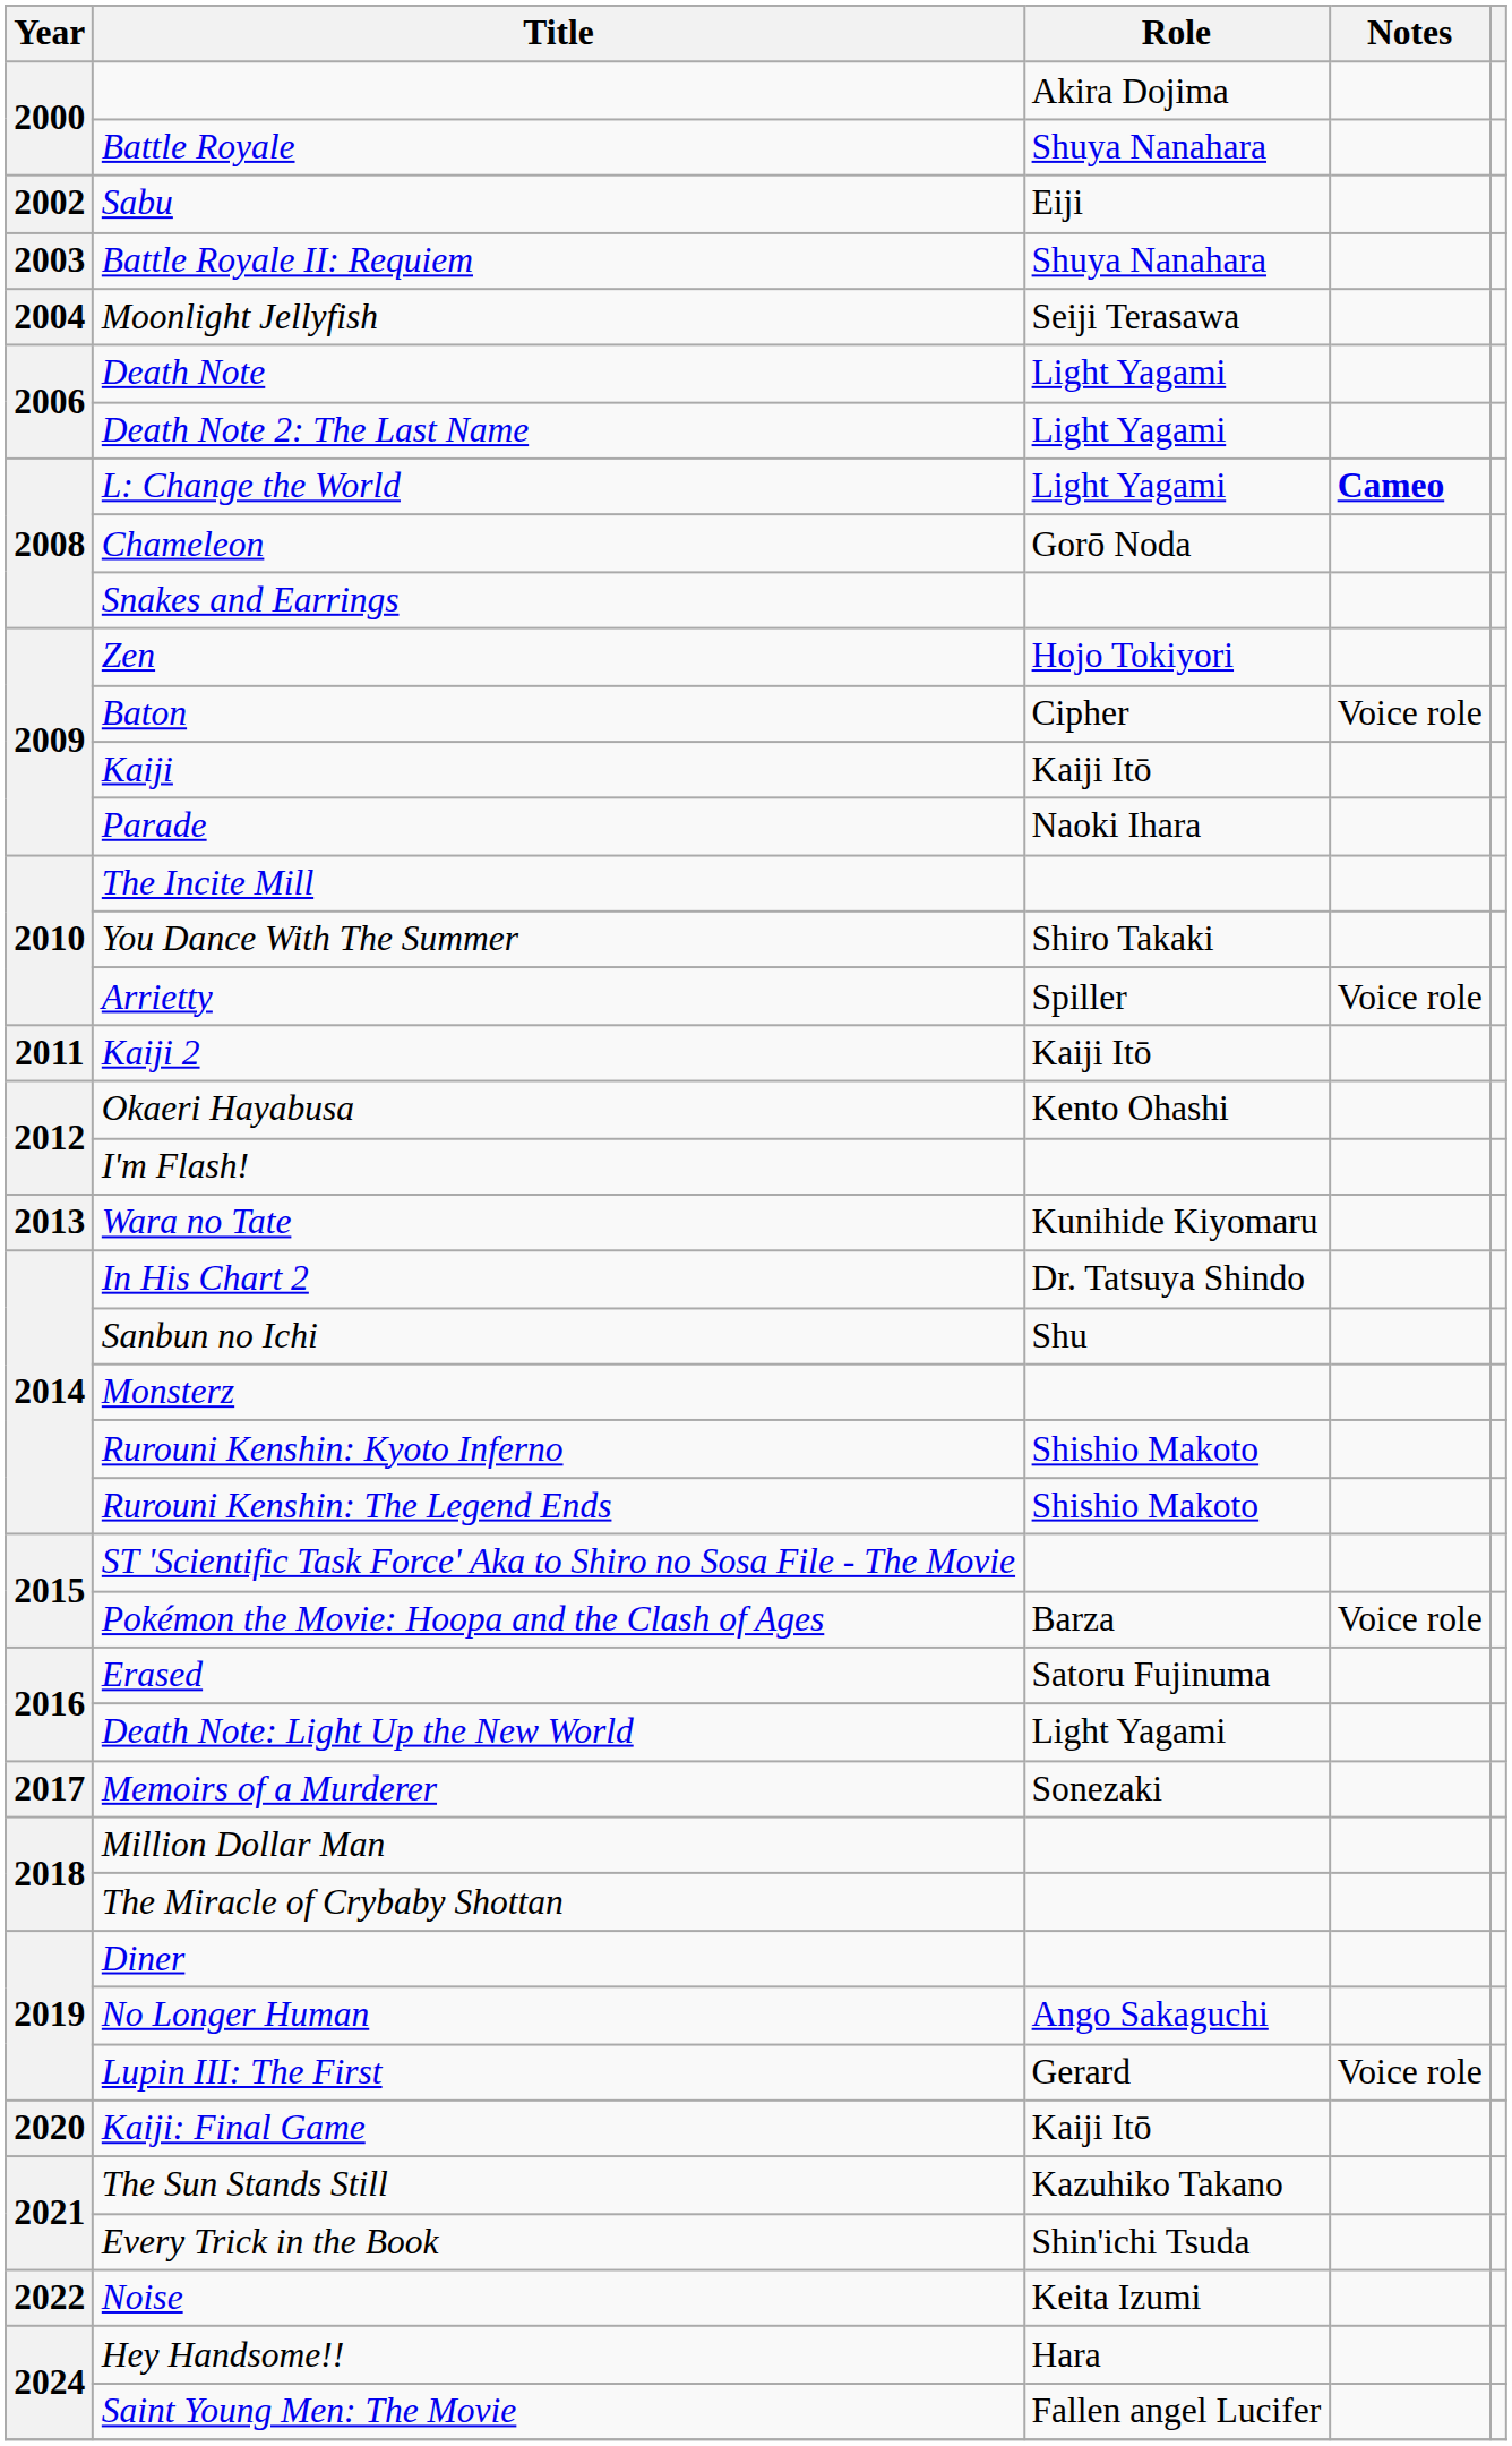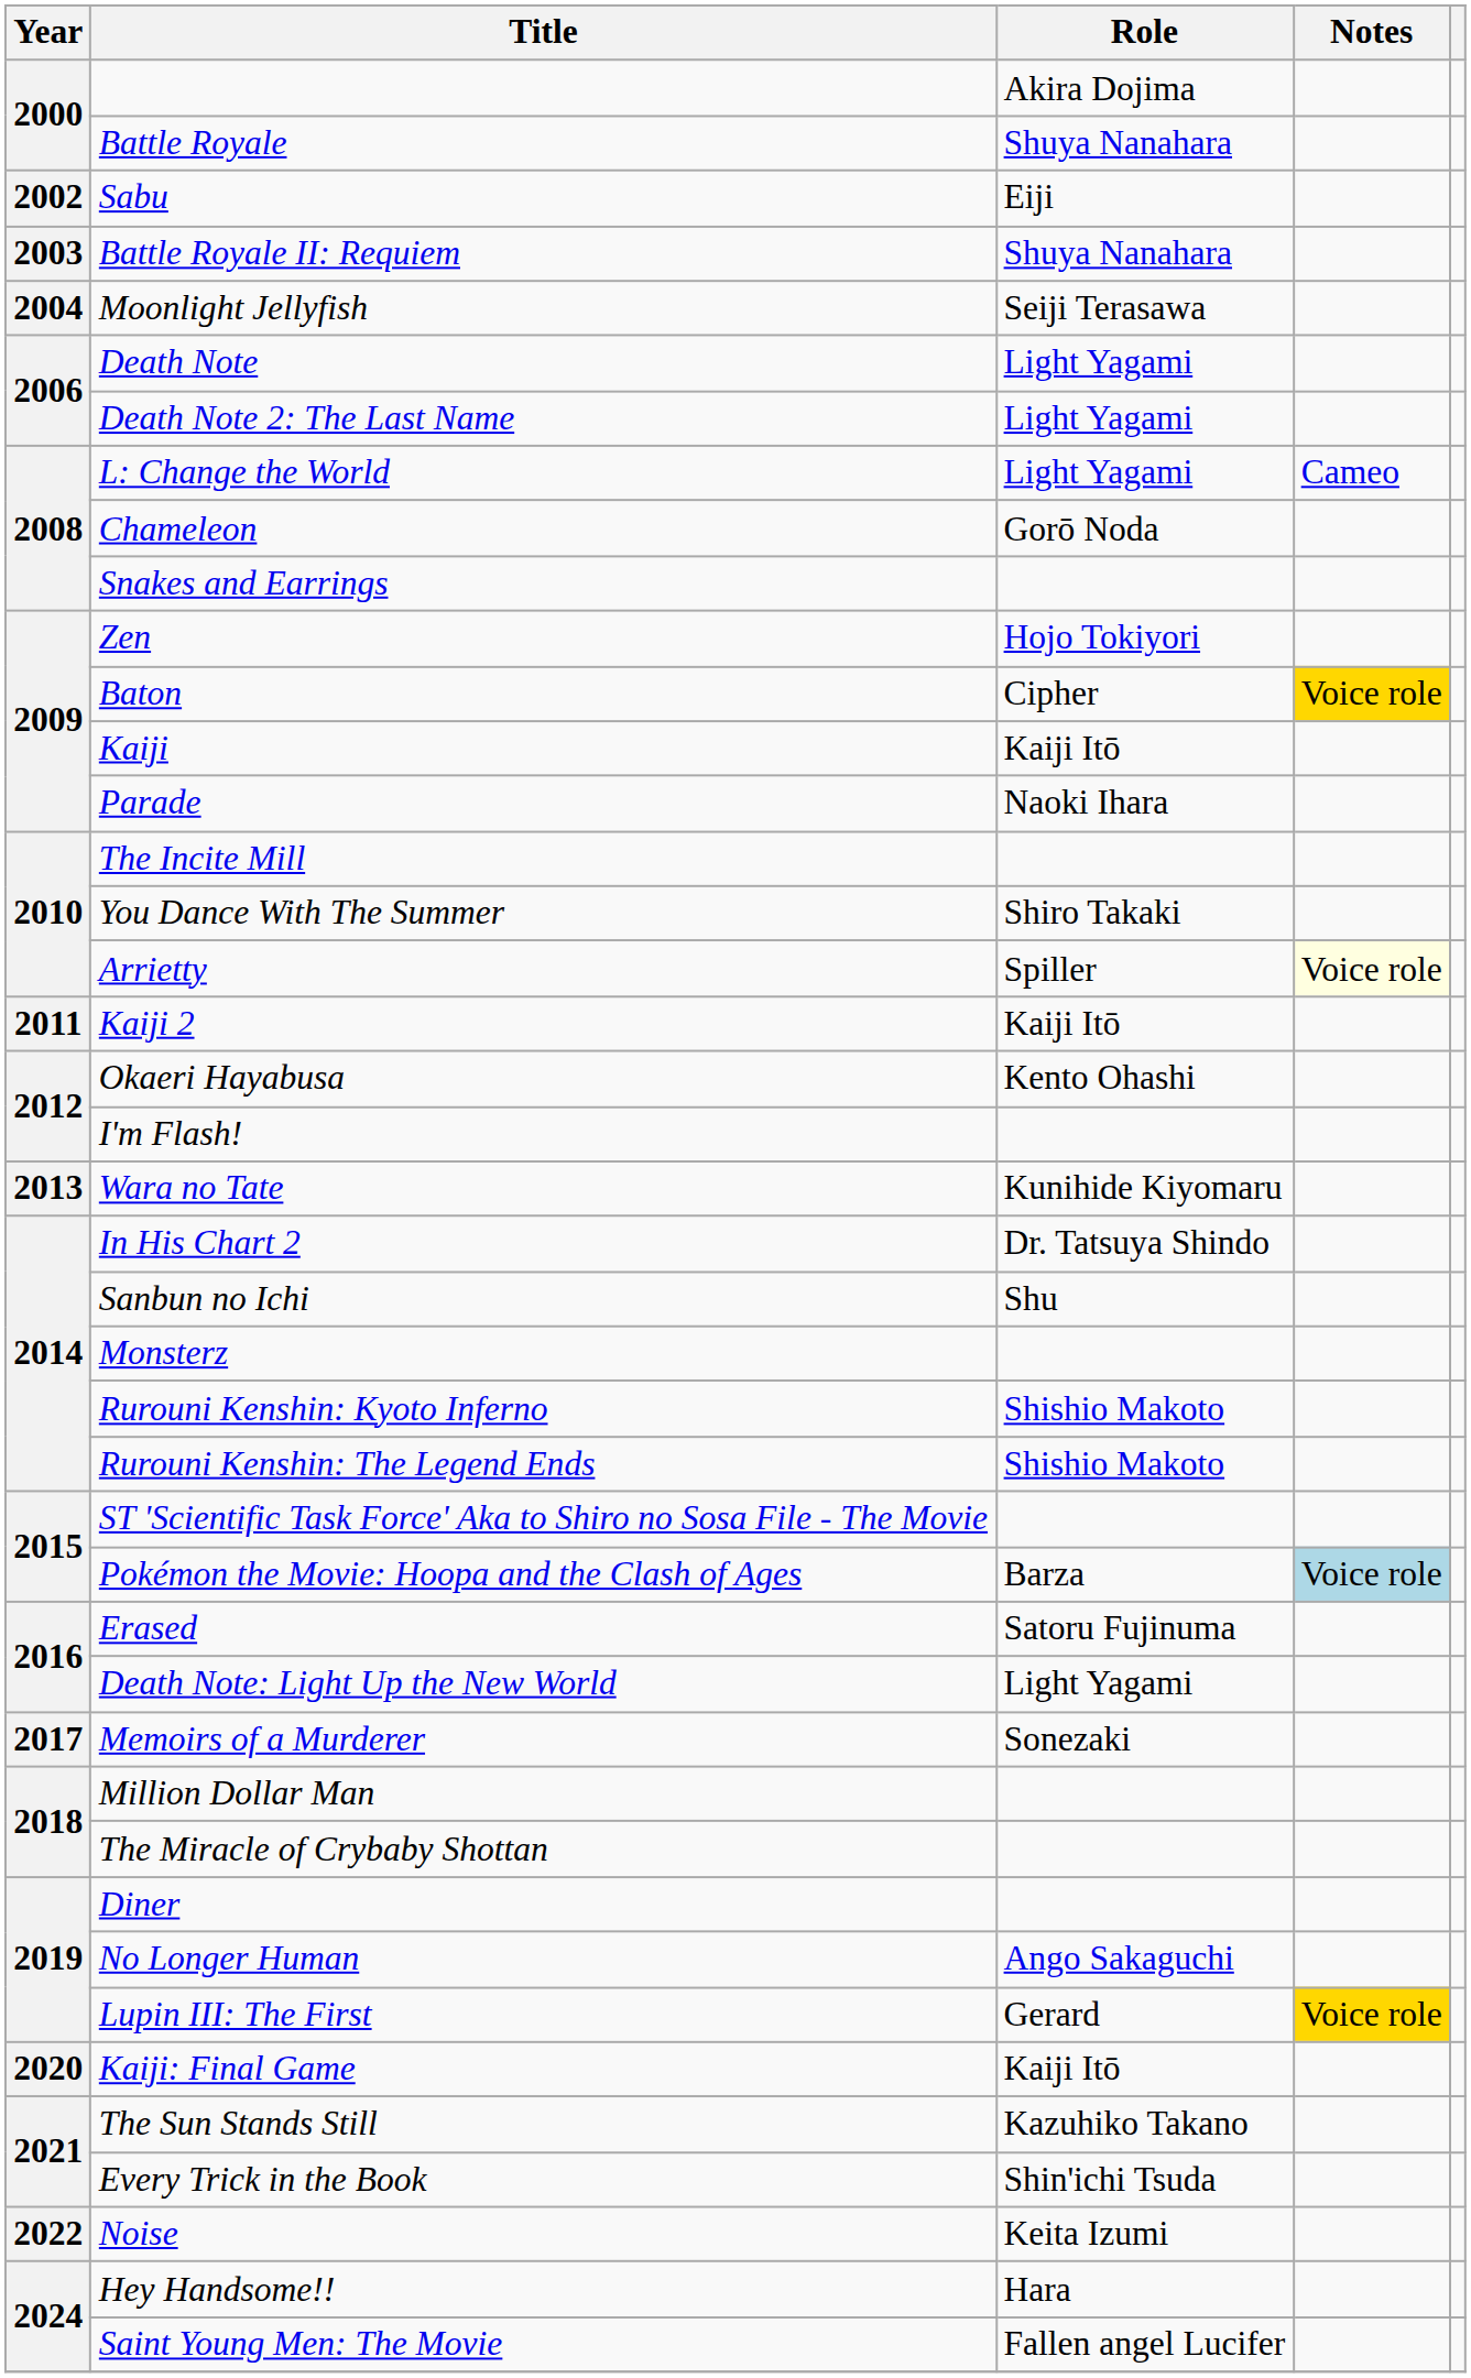 <table class="wikitable plainrowheaders sortable">
 <tr>
 <th scope="col">Year</th>
 <th scope="col">Title</th>
 <th scope="col">Role</th>
 <th scope="col" class="unsortable">Notes</th>
 <th scope="col" class="unsortable"></th>
 </tr>
 <tr>
 <th scope="row" rowspan="2">2000</th>
 <td><em></em></td>
 <td>Akira Dojima</td>
 <td></td>
 </tr>
 <tr>
 <td><em><a href='#'>Battle Royale</a></em></td>
 <td><a href='#'>Shuya Nanahara</a></td>
 <td></td>
 <td></td>
 </tr>
 <tr>
 <th scope="row">2002</th>
 <td><em><a href='#'>Sabu</a></em></td>
 <td>Eiji</td>
 <td></td>
 <td></td>
 </tr>
 <tr>
 <th scope="row">2003</th>
 <td><em><a href='#'>Battle Royale II: Requiem</a></em></td>
 <td><a href='#'>Shuya Nanahara</a></td>
 <td></td>
 <td></td>
 </tr>
 <tr>
 <th scope="row">2004</th>
 <td><em>Moonlight Jellyfish</em></td>
 <td>Seiji Terasawa</td>
 <td></td>
 <td></td>
 </tr>
 <tr>
 <th scope="row" rowspan="2">2006</th>
 <td><em><a href='#'>Death Note</a></em></td>
 <td><a href='#'>Light Yagami</a></td>
 <td></td>
 <td></td>
 </tr>
 <tr>
 <td><em><a href='#'>Death Note 2: The Last Name</a></em></td>
 <td><a href='#'>Light Yagami</a></td>
 <td></td>
 <td></td>
 </tr>
 <tr>
 <th scope="row" rowspan="3">2008</th>
 <td><em><a href='#'>L: Change the World</a></em></td>
 <td><a href='#'>Light Yagami</a></td>
-<td><strong><a href='#'>Cameo</a></strong></td>
+<td><a href='#'>Cameo</a></td>
 <td></td>
 </tr>
 <tr>
 <td><em><a href='#'>Chameleon</a></em></td>
 <td>Gorō Noda</td>
 <td></td>
 <td></td>
 </tr>
 <tr>
 <td><em><a href='#'>Snakes and Earrings</a></em></td>
 <td></td>
 <td></td>
 <td></td>
 </tr>
 <tr>
 <th scope="row" rowspan="4">2009</th>
 <td><em><a href='#'>Zen</a></em></td>
 <td><a href='#'>Hojo Tokiyori</a></td>
 <td></td>
 <td></td>
 </tr>
 <tr>
 <td><em><a href='#'>Baton</a></em></td>
 <td>Cipher</td>
-<td>Voice role</td>
+<td style="background: gold;">Voice role</td>
 <td></td>
 </tr>
 <tr>
 <td><em><a href='#'>Kaiji</a></em></td>
 <td>Kaiji Itō</td>
 <td></td>
 <td style="text-align:center"></td>
 </tr>
 <tr>
 <td><em><a href='#'>Parade</a></em></td>
 <td>Naoki Ihara</td>
 <td></td>
 <td></td>
 </tr>
 <tr>
 <th scope="row" rowspan="3">2010</th>
 <td><em><a href='#'>The Incite Mill</a></em></td>
 <td></td>
 <td></td>
 <td></td>
 </tr>
 <tr>
 <td><em>You Dance With The Summer</em></td>
 <td>Shiro Takaki</td>
 <td></td>
 <td></td>
 </tr>
 <tr>
 <td><em><a href='#'>Arrietty</a></em></td>
 <td>Spiller</td>
-<td>Voice role</td>
+<td style="background: lightyellow;">Voice role</td>
 <td></td>
 </tr>
 <tr>
 <th scope="row">2011</th>
 <td><em><a href='#'>Kaiji 2</a></em></td>
 <td>Kaiji Itō</td>
 <td></td>
 <td style="text-align:center"></td>
 </tr>
 <tr>
 <th scope="row" rowspan="2">2012</th>
 <td><em>Okaeri Hayabusa</em></td>
 <td>Kento Ohashi</td>
 <td></td>
 <td></td>
 </tr>
 <tr>
 <td><em>I'm Flash!</em></td>
 <td></td>
 <td></td>
 <td></td>
 </tr>
 <tr>
 <th scope="row">2013</th>
 <td><em><a href='#'>Wara no Tate</a></em></td>
 <td>Kunihide Kiyomaru</td>
 <td></td>
 <td></td>
 </tr>
 <tr>
 <th scope="row" rowspan="5">2014</th>
 <td><em><a href='#'>In His Chart 2</a></em></td>
 <td>Dr. Tatsuya Shindo</td>
 <td></td>
 <td></td>
 </tr>
 <tr>
 <td><em>Sanbun no Ichi</em></td>
 <td>Shu</td>
 <td></td>
 <td></td>
 </tr>
 <tr>
 <td><em><a href='#'>Monsterz</a></em></td>
 <td></td>
 <td></td>
 <td></td>
 </tr>
 <tr>
 <td><em><a href='#'>Rurouni Kenshin: Kyoto Inferno</a></em></td>
 <td><a href='#'>Shishio Makoto</a></td>
 <td></td>
 <td></td>
 </tr>
 <tr>
 <td><em><a href='#'>Rurouni Kenshin: The Legend Ends</a></em></td>
 <td><a href='#'>Shishio Makoto</a></td>
 <td></td>
 <td></td>
 </tr>
 <tr>
 <th scope="row" rowspan="2">2015</th>
 <td><em><a href='#'>ST 'Scientific Task Force' Aka to Shiro no Sosa File - The Movie</a></em></td>
 <td></td>
 <td></td>
 <td></td>
 </tr>
 <tr>
 <td><em><a href='#'>Pokémon the Movie: Hoopa and the Clash of Ages</a></em></td>
 <td>Barza</td>
-<td>Voice role</td>
+<td style="background: lightblue;">Voice role</td>
 <td></td>
 </tr>
 <tr>
 <th scope="row" rowspan="2">2016</th>
 <td><em><a href='#'>Erased</a></em></td>
 <td>Satoru Fujinuma</td>
 <td></td>
 <td></td>
 </tr>
 <tr>
 <td><em><a href='#'>Death Note: Light Up the New World</a></em></td>
 <td>Light Yagami</td>
 <td></td>
 <td></td>
 </tr>
 <tr>
 <th scope="row">2017</th>
 <td><em><a href='#'>Memoirs of a Murderer</a></em></td>
 <td>Sonezaki</td>
 <td></td>
 <td></td>
 </tr>
 <tr>
 <th scope="row" rowspan="2">2018</th>
 <td><em>Million Dollar Man</em></td>
 <td></td>
 <td></td>
 <td></td>
 </tr>
 <tr>
 <td><em>The Miracle of Crybaby Shottan</em></td>
 <td></td>
 <td></td>
 <td></td>
 </tr>
 <tr>
 <th scope="row" rowspan="3">2019</th>
 <td><em><a href='#'>Diner</a></em></td>
 <td></td>
 <td></td>
 <td></td>
 </tr>
 <tr>
 <td><em><a href='#'>No Longer Human</a></em></td>
 <td><a href='#'>Ango Sakaguchi</a></td>
 <td></td>
 <td></td>
 </tr>
 <tr>
 <td><em><a href='#'>Lupin III: The First</a></em></td>
 <td>Gerard</td>
-<td>Voice role</td>
+<td style="background: gold;">Voice role</td>
 <td></td>
 </tr>
 <tr>
 <th scope="row">2020</th>
 <td><em><a href='#'>Kaiji: Final Game</a></em></td>
 <td>Kaiji Itō</td>
 <td></td>
 <td style="text-align:center"></td>
 </tr>
 <tr>
 <th scope="row" rowspan="2">2021</th>
 <td><em>The Sun Stands Still</em></td>
 <td>Kazuhiko Takano</td>
 <td></td>
 <td></td>
 </tr>
 <tr>
 <td><em>Every Trick in the Book</em></td>
 <td>Shin'ichi Tsuda</td>
 <td></td>
 <td style="text-align:center"></td>
 </tr>
 <tr>
 <th scope="row">2022</th>
 <td><em><a href='#'>Noise</a></em></td>
 <td>Keita Izumi</td>
 <td></td>
 <td style="text-align:center"></td>
 </tr>
 <tr>
 <th scope="row" rowspan="2">2024</th>
 <td><em>Hey Handsome!!</em></td>
 <td>Hara</td>
 <td></td>
 <td style="text-align:center"></td>
 </tr>
 <tr>
 <td><em><a href='#'>Saint Young Men: The Movie</a></em></td>
 <td>Fallen angel Lucifer</td>
 <td></td>
 <td style="text-align:center"></td>
 </tr>
 <tr>
 </tr>
 </table>
